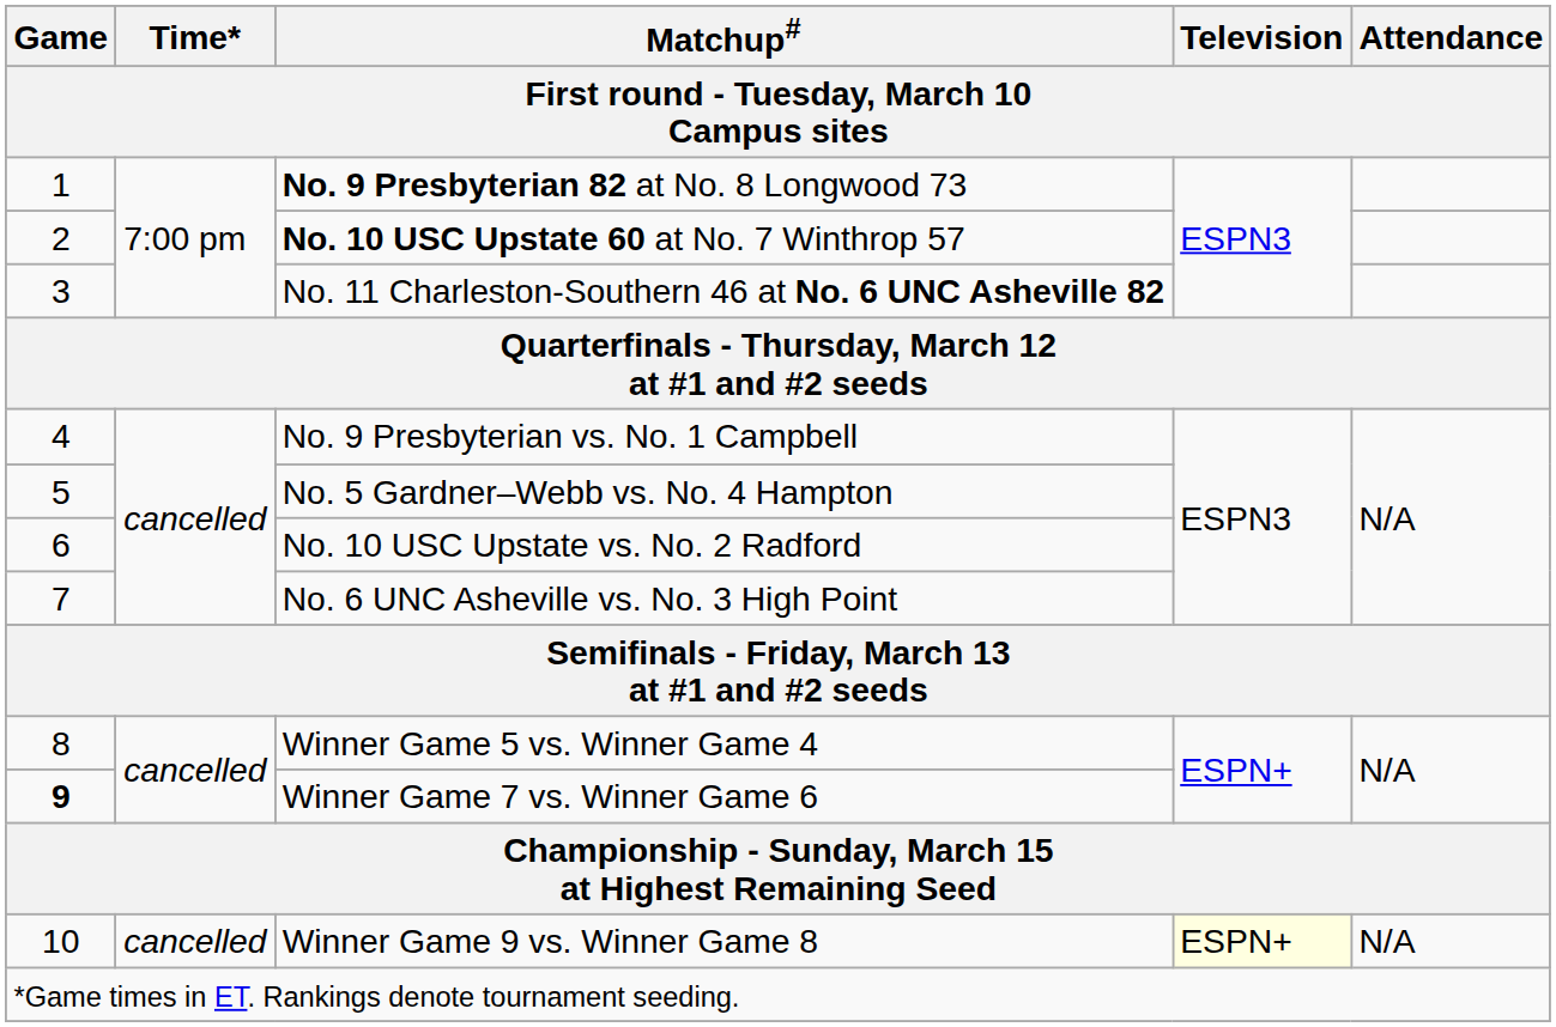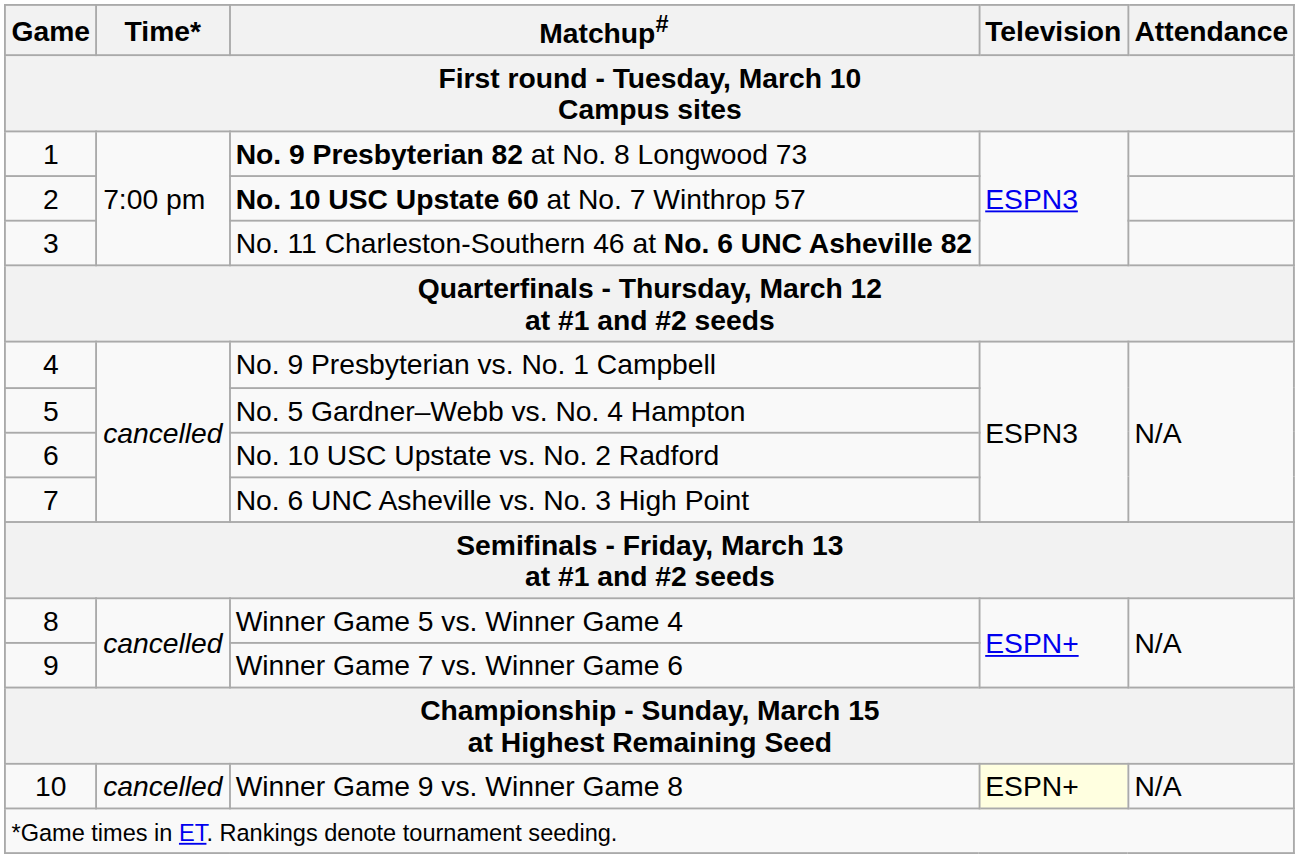 <table class="wikitable" style="font-size: 95%">
 <tr>
 <th>Game</th>
 <th>Time*</th>
 <th>Matchup<sup>#</sup></th>
 <th>Television</th>
 <th>Attendance</th>
 </tr>
 <tr>
 <th colspan=5>First round - Tuesday, March 10<br>Campus sites</th>
 </tr>
 <tr>
 <td align=center>1</td>
 <td rowspan=3>7:00 pm</td>
 <td><strong>No. 9 Presbyterian 82</strong> at No. 8 Longwood 73</td>
 <td rowspan=3><a href='#'>ESPN3</a></td>
 <td></td>
 </tr>
 <tr>
 <td align=center>2</td>
 <td><strong>No. 10 USC Upstate 60</strong> at No. 7 Winthrop 57</td>
 <td></td>
 </tr>
 <tr>
 <td align=center>3</td>
 <td>No. 11 Charleston-Southern 46 at <strong>No. 6 UNC Asheville 82</strong></td>
 <td></td>
 </tr>
 <tr>
 <th colspan=5>Quarterfinals - Thursday, March 12<br>at #1 and #2 seeds</th>
 </tr>
 <tr>
 <td align=center>4</td>
 <td rowspan=4><em>cancelled</em></td>
 <td>No. 9 Presbyterian vs. No. 1 Campbell</td>
 <td rowspan=4>ESPN3</td>
 <td rowspan=4>N/A</td>
 </tr>
 <tr>
 <td align=center>5</td>
 <td>No. 5 Gardner–Webb vs. No. 4 Hampton</td>
 </tr>
 <tr>
 <td align=center>6</td>
 <td>No. 10 USC Upstate vs. No. 2 Radford</td>
 </tr>
 <tr>
 <td align=center>7</td>
 <td>No. 6 UNC Asheville vs. No. 3 High Point</td>
 </tr>
 <tr>
 <th colspan=5>Semifinals - Friday, March 13<br>at #1 and #2 seeds</th>
 </tr>
 <tr>
 <td align=center>8</td>
 <td rowspan=2><em>cancelled</em></td>
 <td>Winner Game 5 vs. Winner Game 4</td>
 <td rowspan=2><a href='#'>ESPN+</a></td>
 <td rowspan=2>N/A</td>
 </tr>
 <tr>
-<td align=center><strong>9</strong></td>
+<td align=center>9</td>
 <td>Winner Game 7 vs. Winner Game 6</td>
 </tr>
 <tr>
 <th colspan=5>Championship - Sunday, March 15<br>at Highest Remaining Seed</th>
 </tr>
 <tr>
 <td align=center>10</td>
 <td><em>cancelled</em></td>
 <td>Winner Game 9 vs. Winner Game 8</td>
 <td style="background: lightyellow;">ESPN+</td>
 <td>N/A</td>
 </tr>
 <tr>
 <td colspan=5><small>*Game times in <a href='#'>ET</a>. Rankings denote tournament seeding.</small></td>
 </tr>
 </table>
